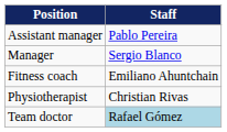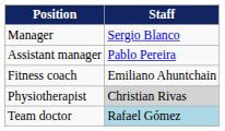 <table class="wikitable">
 <tr>
 <th style=background-color:#122562;color:white>Position</th>
 <th style=background-color:#122562;color:white>Staff</th>
 </tr>
 <tr>
 </tr>
 <tr>
+<td>Manager</td>
+<td> <a href='#'>Sergio Blanco</a></td>
+</tr>
+<tr>
 <td>Assistant manager</td>
 <td> <a href='#'>Pablo Pereira</a></td>
-</tr>
-<tr>
-<td>Manager</td>
-<td> <a href='#'>Sergio Blanco</a></td>
 </tr>
 <tr>
 <td>Fitness coach</td>
 <td> Emiliano Ahuntchain</td>
 </tr>
 <tr>
 <td>Physiotherapist</td>
-<td> Christian Rivas</td>
+<td style="background: lightgrey;"> Christian Rivas</td>
 </tr>
 <tr>
 <td>Team doctor</td>
 <td style="background: lightblue;"> Rafael Gómez</td>
 </tr>
 </table>
